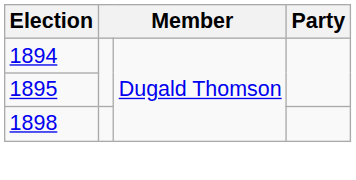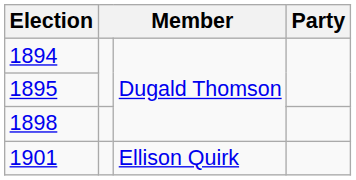 <table class="wikitable">
 <tr>
 <th>Election</th>
 <th colspan="2">Member</th>
 <th>Party</th>
 </tr>
 <tr>
 <td><a href='#'>1894</a></td>
 <td rowspan="2" > </td>
 <td rowspan="3"><a href='#'>Dugald Thomson</a></td>
 <td rowspan="2"></td>
 </tr>
 <tr>
 <td><a href='#'>1895</a></td>
 </tr>
 <tr>
 <td><a href='#'>1898</a></td>
 <td> </td>
 <td></td>
 </tr>
+<tr>
+<td><a href='#'>1901</a></td>
+<td> </td>
+<td><a href='#'>Ellison Quirk</a></td>
+<td></td>
+</tr>
 </table>
